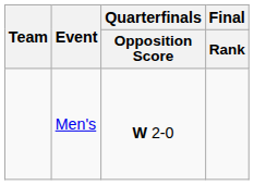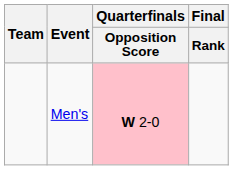 <table class=wikitable style="font-size:90%">
 <tr>
 <th rowspan="2">Team</th>
 <th rowspan="2">Event</th>
 <th>Quarterfinals</th>
 <th colspan=2>Final</th>
 </tr>
 <tr style="font-size:95%">
 <th>Opposition<br>Score</th>
 <th>Rank</th>
 </tr>
 <tr align=center>
 <td align=left><br><br><br><br><br><br></td>
 <td align=left><a href='#'>Men's</a></td>
-<td> <br> <strong>W</strong> 2-0</td>
+<td style="background: pink;"> <br> <strong>W</strong> 2-0</td>
 <td></td>
 </tr>
 </table>
